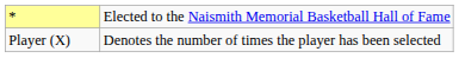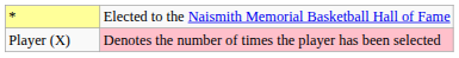 <table class="wikitable">
 <tr>
 <td style="background-color:#FFFF99; border:1px solid #aaaaaa; width:6em">*</td>
 <td>Elected to the <a href='#'>Naismith Memorial Basketball Hall of Fame</a></td>
 </tr>
 <tr>
 <td>Player (X)</td>
-<td>Denotes the number of times the player has been selected</td>
+<td style="background: pink;">Denotes the number of times the player has been selected</td>
 </tr>
 </table>
